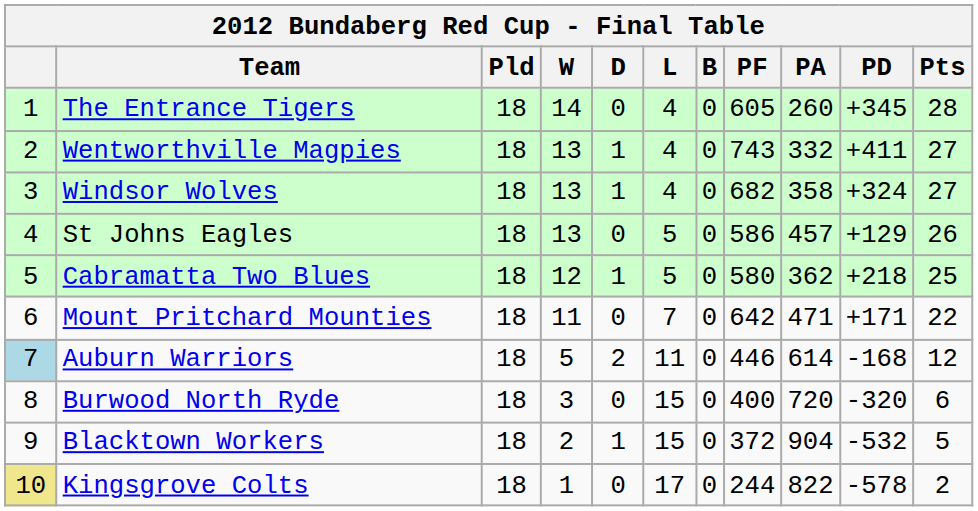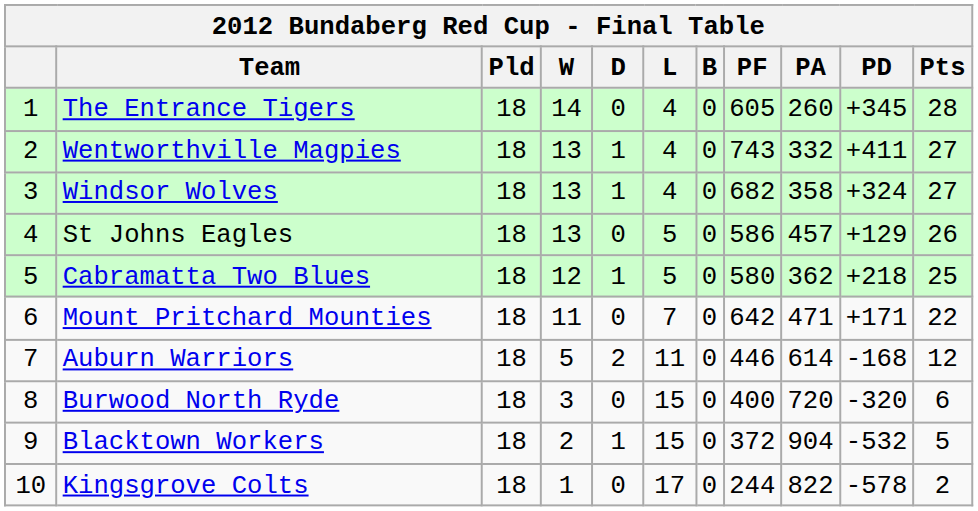 <table class="wikitable" style="text-align:center;">
 <tr>
 <th colspan="11">2012 Bundaberg Red Cup - Final Table</th>
 </tr>
 <tr>
 <th width=20 abbr="Position"></th>
 <th width=210>Team</th>
 <th width=20 abbr="Played">Pld</th>
 <th width=20 abbr="Won">W</th>
 <th width=20 abbr="Drawn">D</th>
 <th width=20 abbr="Lost">L</th>
 <th withd=20 abbr="Byes">B</th>
 <th width=20 abbr="Points For">PF</th>
 <th width=20 abbr="Points Against">PA</th>
 <th width=30 abbr="Points Difference">PD</th>
 <th width=20 abbr="Points">Pts</th>
 </tr>
 <tr style="background: #ccffcc;">
 <td>1</td>
 <td style="text-align:left;"> <a href='#'>The Entrance Tigers</a></td>
 <td>18</td>
 <td>14</td>
 <td>0</td>
 <td>4</td>
 <td>0</td>
 <td>605</td>
 <td>260</td>
 <td>+345</td>
 <td>28</td>
 </tr>
 <tr style="background: #ccffcc;">
 <td>2</td>
 <td style="text-align:left;"> <a href='#'>Wentworthville Magpies</a></td>
 <td>18</td>
 <td>13</td>
 <td>1</td>
 <td>4</td>
 <td>0</td>
 <td>743</td>
 <td>332</td>
 <td>+411</td>
 <td>27</td>
 </tr>
 <tr style="background: #ccffcc;">
 <td>3</td>
 <td style="text-align:left;"> <a href='#'>Windsor Wolves</a></td>
 <td>18</td>
 <td>13</td>
 <td>1</td>
 <td>4</td>
 <td>0</td>
 <td>682</td>
 <td>358</td>
 <td>+324</td>
 <td>27</td>
 </tr>
 <tr style="background: #ccffcc;">
 <td>4</td>
 <td style="text-align:left;">St Johns Eagles</td>
 <td>18</td>
 <td>13</td>
 <td>0</td>
 <td>5</td>
 <td>0</td>
 <td>586</td>
 <td>457</td>
 <td>+129</td>
 <td>26</td>
 </tr>
 <tr style="background: #ccffcc;">
 <td>5</td>
 <td style="text-align:left;"> <a href='#'>Cabramatta Two Blues</a></td>
 <td>18</td>
 <td>12</td>
 <td>1</td>
 <td>5</td>
 <td>0</td>
 <td>580</td>
 <td>362</td>
 <td>+218</td>
 <td>25</td>
 </tr>
 <tr>
 <td>6</td>
 <td style="text-align:left;"> <a href='#'>Mount Pritchard Mounties</a></td>
 <td>18</td>
 <td>11</td>
 <td>0</td>
 <td>7</td>
 <td>0</td>
 <td>642</td>
 <td>471</td>
 <td>+171</td>
 <td>22</td>
 </tr>
 <tr>
-<td style="background: lightblue;">7</td>
+<td>7</td>
 <td style="text-align:left;"> <a href='#'>Auburn Warriors</a></td>
 <td>18</td>
 <td>5</td>
 <td>2</td>
 <td>11</td>
 <td>0</td>
 <td>446</td>
 <td>614</td>
 <td>-168</td>
 <td>12</td>
 </tr>
 <tr>
 <td>8</td>
 <td style="text-align:left;"><a href='#'>Burwood North Ryde</a></td>
 <td>18</td>
 <td>3</td>
 <td>0</td>
 <td>15</td>
 <td>0</td>
 <td>400</td>
 <td>720</td>
 <td>-320</td>
 <td>6</td>
 </tr>
 <tr>
 <td>9</td>
 <td style="text-align:left;"> <a href='#'>Blacktown Workers</a></td>
 <td>18</td>
 <td>2</td>
 <td>1</td>
 <td>15</td>
 <td>0</td>
 <td>372</td>
 <td>904</td>
 <td>-532</td>
 <td>5</td>
 </tr>
 <tr>
-<td style="background: khaki;">10</td>
+<td>10</td>
 <td style="text-align:left;"> <a href='#'>Kingsgrove Colts</a></td>
 <td>18</td>
 <td>1</td>
 <td>0</td>
 <td>17</td>
 <td>0</td>
 <td>244</td>
 <td>822</td>
 <td>-578</td>
 <td>2</td>
 </tr>
 </table>
